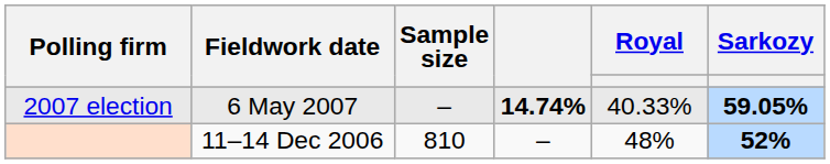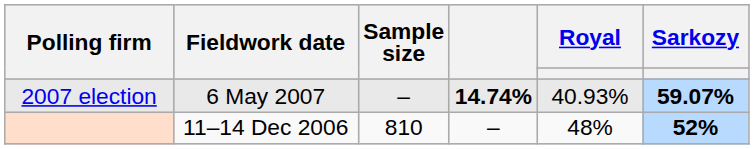 <table class="wikitable sortable" style="text-align:center;font-size:90%;line-height:14px;">
 <tr style="height:40px;">
 <th style="width:100px;" rowspan="2">Polling firm</th>
 <th style="width:110px;" rowspan="2">Fieldwork date</th>
 <th style="width:35px;" rowspan="2">Sample<br>size</th>
 <th style="width:30px;" rowspan="2"></th>
 <th class="unsortable" style="width:60px;"><a href='#'>Royal</a><br></th>
 <th class="unsortable" style="width:60px;"><a href='#'>Sarkozy</a><br></th>
 </tr>
 <tr>
 <th style="background:"></th>
 <th style="background:"></th>
 </tr>
 <tr style="background:#E9E9E9;">
 <td><a href='#'>2007 election</a></td>
 <td data-sort-value="2007-05-06">6 May 2007</td>
 <td>–</td>
 <td><strong>14.74%</strong></td>
-<td>40.33%</td>
-<td style="background:#B9DAFF;"><strong>59.05%</strong></td>
+<td>40.93%</td>
+<td style="background:#B9DAFF;"><strong>59.07%</strong></td>
 </tr>
 <tr>
 <td style="background:#FFDFCC;"></td>
 <td data-sort-value="2006-12-14">11–14 Dec 2006</td>
 <td>810</td>
 <td>–</td>
 <td>48%</td>
 <td style="background:#B9DAFF;"><strong>52%</strong></td>
 </tr>
 </table>
